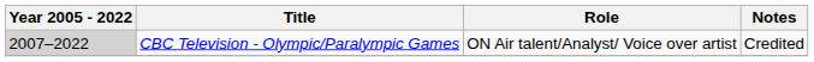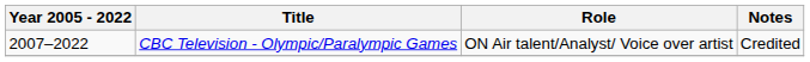 <table class="wikitable sortable">
 <tr>
 <th>Year 2005 - 2022</th>
 <th>Title</th>
 <th>Role</th>
 <th class="unsortable">Notes</th>
 </tr>
 <tr>
-<td style="background: lightgrey;">2007–2022</td>
+<td>2007–2022</td>
 <td><em><a href='#'>CBC Television - Olympic/Paralympic Games</a></em></td>
 <td>ON Air talent/Analyst/ Voice over artist</td>
 <td>Credited</td>
 </tr>
 <tr>
 </tr>
 </table>
